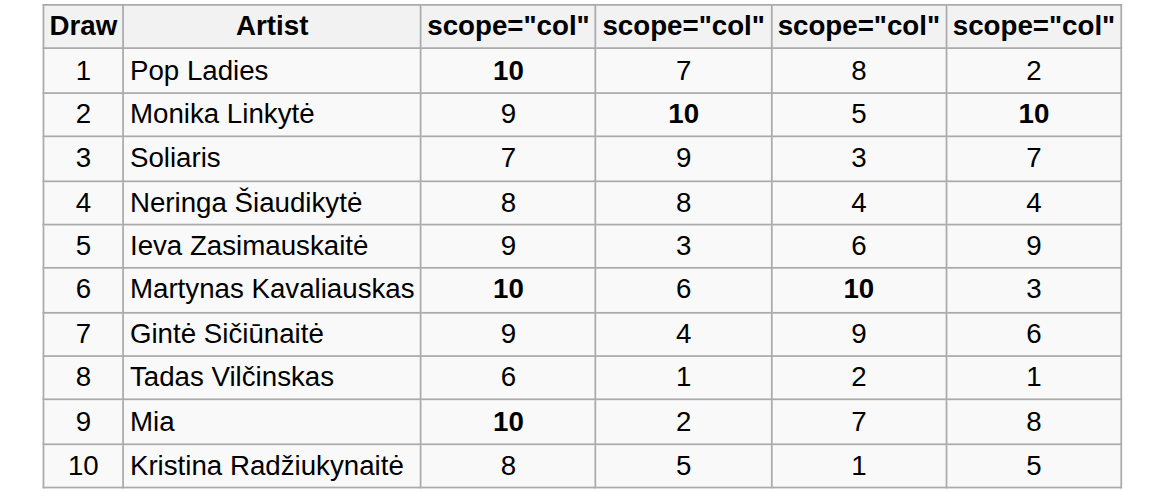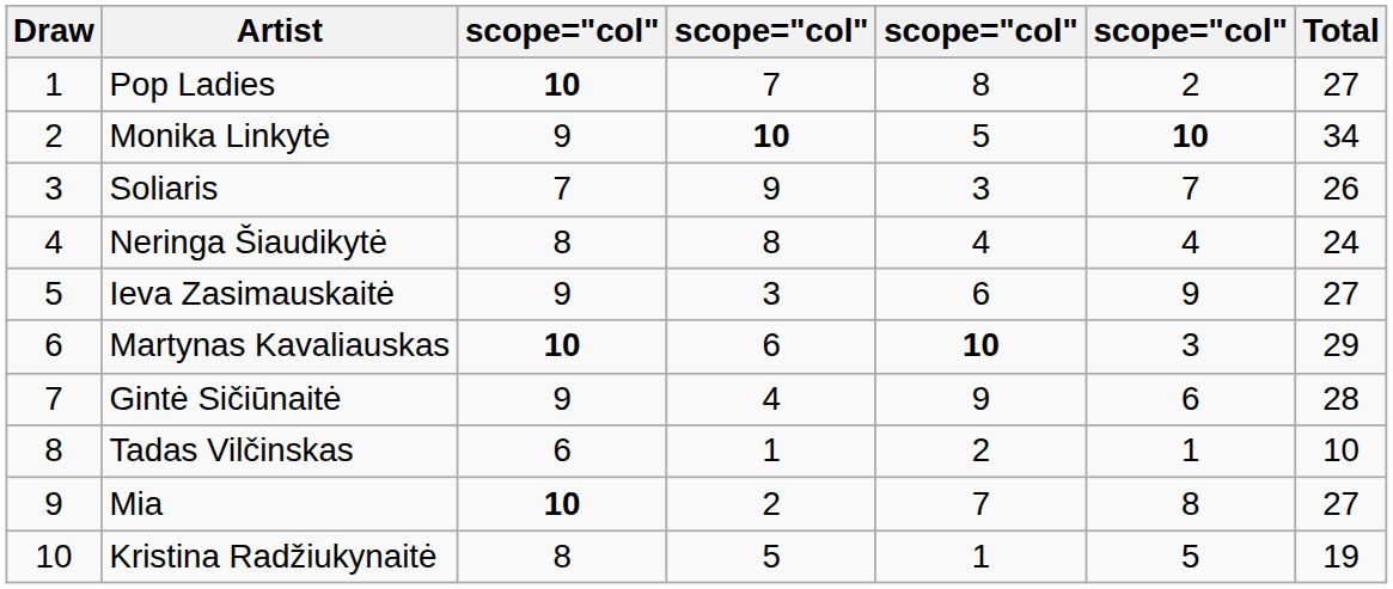 <table class="wikitable collapsible" style="margin: 1em auto 1em auto; text-align:center;">
 <tr>
 <th>Draw</th>
 <th>Artist</th>
 <th>scope="col" </th>
 <th>scope="col" </th>
 <th>scope="col" </th>
 <th>scope="col" </th>
+<th>Total</th>
 </tr>
 <tr>
 <td>1</td>
 <td align="left">Pop Ladies</td>
 <td><strong>10</strong></td>
 <td>7</td>
 <td>8</td>
 <td>2</td>
+<td>27</td>
 </tr>
 <tr>
 <td>2</td>
 <td align="left">Monika Linkytė</td>
 <td>9</td>
 <td><strong>10</strong></td>
 <td>5</td>
 <td><strong>10</strong></td>
+<td>34</td>
 </tr>
 <tr>
 <td>3</td>
 <td align="left">Soliaris</td>
 <td>7</td>
 <td>9</td>
 <td>3</td>
 <td>7</td>
+<td>26</td>
 </tr>
 <tr>
 <td>4</td>
 <td align="left">Neringa Šiaudikytė</td>
 <td>8</td>
 <td>8</td>
 <td>4</td>
 <td>4</td>
+<td>24</td>
 </tr>
 <tr>
 <td>5</td>
 <td align="left">Ieva Zasimauskaitė</td>
 <td>9</td>
 <td>3</td>
 <td>6</td>
 <td>9</td>
+<td>27</td>
 </tr>
 <tr>
 <td>6</td>
 <td align="left">Martynas Kavaliauskas</td>
 <td><strong>10</strong></td>
 <td>6</td>
 <td><strong>10</strong></td>
 <td>3</td>
+<td>29</td>
 </tr>
 <tr>
 <td>7</td>
 <td align="left">Gintė Sičiūnaitė</td>
 <td>9</td>
 <td>4</td>
 <td>9</td>
 <td>6</td>
+<td>28</td>
 </tr>
 <tr>
 <td>8</td>
 <td align="left">Tadas Vilčinskas</td>
 <td>6</td>
 <td>1</td>
 <td>2</td>
 <td>1</td>
+<td>10</td>
 </tr>
 <tr>
 <td>9</td>
 <td align="left">Mia</td>
 <td><strong>10</strong></td>
 <td>2</td>
 <td>7</td>
 <td>8</td>
+<td>27</td>
 </tr>
 <tr>
 <td>10</td>
 <td align="left">Kristina Radžiukynaitė</td>
 <td>8</td>
 <td>5</td>
 <td>1</td>
 <td>5</td>
+<td>19</td>
 </tr>
 </table>
